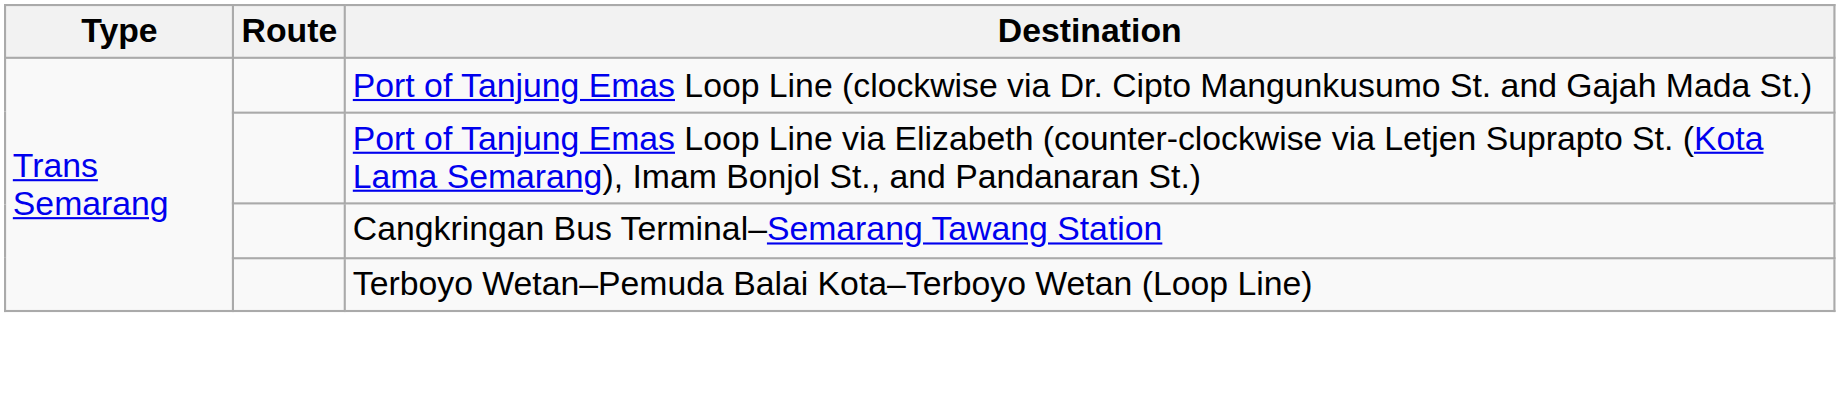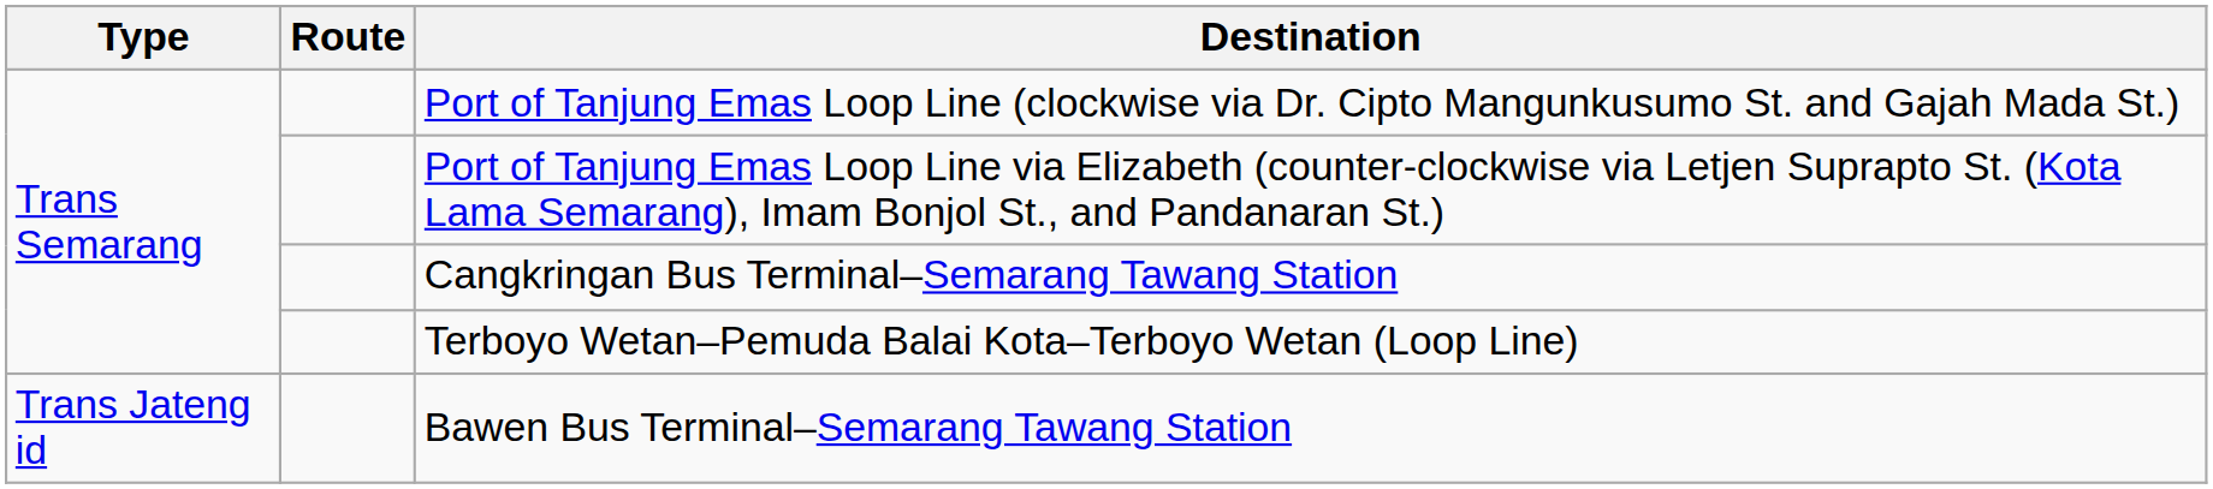 <table class="wikitable">
 <tr>
 <th>Type</th>
 <th>Route</th>
 <th>Destination</th>
 </tr>
 <tr>
 <td rowspan="4"><a href='#'>Trans Semarang</a></td>
 <td></td>
 <td><a href='#'>Port of Tanjung Emas</a> Loop Line (clockwise via Dr. Cipto Mangunkusumo St. and Gajah Mada St.)</td>
 </tr>
 <tr>
 <td></td>
 <td><a href='#'>Port of Tanjung Emas</a> Loop Line via Elizabeth (counter-clockwise via Letjen Suprapto St. (<a href='#'>Kota Lama Semarang</a>), Imam Bonjol St., and Pandanaran St.)</td>
 </tr>
 <tr>
 <td></td>
 <td>Cangkringan Bus Terminal–<a href='#'>Semarang Tawang Station</a></td>
 </tr>
 <tr>
 <td></td>
 <td>Terboyo Wetan–Pemuda Balai Kota–Terboyo Wetan (Loop Line)</td>
 </tr>
+<tr>
+<td><a href='#'>Trans Jateng</a> <a href='#'>id</a></td>
+<td></td>
+<td>Bawen Bus Terminal–<a href='#'>Semarang Tawang Station</a></td>
+</tr>
 </table>
